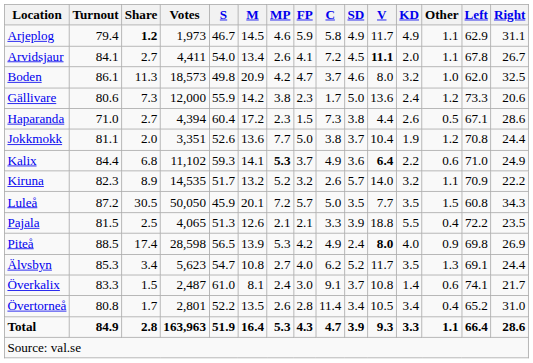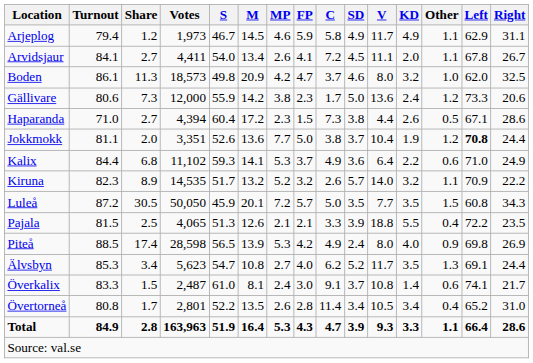 <table class="wikitable sortable" style=text-align:right>
 <tr>
 <th>Location</th>
 <th>Turnout</th>
 <th>Share</th>
 <th>Votes</th>
 <th><a href='#'>S</a></th>
 <th><a href='#'>M</a></th>
 <th><a href='#'>MP</a></th>
 <th><a href='#'>FP</a></th>
 <th><a href='#'>C</a></th>
 <th><a href='#'>SD</a></th>
 <th><a href='#'>V</a></th>
 <th><a href='#'>KD</a></th>
 <th>Other</th>
 <th><a href='#'>Left</a></th>
 <th><a href='#'>Right</a></th>
 </tr>
 <tr>
 <td align=left><a href='#'>Arjeplog</a></td>
 <td>79.4</td>
-<td><strong>1.2</strong></td>
+<td>1.2</td>
 <td>1,973</td>
 <td>46.7</td>
 <td>14.5</td>
 <td>4.6</td>
 <td>5.9</td>
 <td>5.8</td>
 <td>4.9</td>
 <td>11.7</td>
 <td>4.9</td>
 <td>1.1</td>
 <td>62.9</td>
 <td>31.1</td>
 </tr>
 <tr>
 <td align=left><a href='#'>Arvidsjaur</a></td>
 <td>84.1</td>
 <td>2.7</td>
 <td>4,411</td>
 <td>54.0</td>
 <td>13.4</td>
 <td>2.6</td>
 <td>4.1</td>
 <td>7.2</td>
 <td>4.5</td>
-<td><strong>11.1</strong></td>
+<td>11.1</td>
 <td>2.0</td>
 <td>1.1</td>
 <td>67.8</td>
 <td>26.7</td>
 </tr>
 <tr>
 <td align=left><a href='#'>Boden</a></td>
 <td>86.1</td>
 <td>11.3</td>
 <td>18,573</td>
 <td>49.8</td>
 <td>20.9</td>
 <td>4.2</td>
 <td>4.7</td>
 <td>3.7</td>
 <td>4.6</td>
 <td>8.0</td>
 <td>3.2</td>
 <td>1.0</td>
 <td>62.0</td>
 <td>32.5</td>
 </tr>
 <tr>
 <td align=left><a href='#'>Gällivare</a></td>
 <td>80.6</td>
 <td>7.3</td>
 <td>12,000</td>
 <td>55.9</td>
 <td>14.2</td>
 <td>3.8</td>
 <td>2.3</td>
 <td>1.7</td>
 <td>5.0</td>
 <td>13.6</td>
 <td>2.4</td>
 <td>1.2</td>
 <td>73.3</td>
 <td>20.6</td>
 </tr>
 <tr>
 <td align=left><a href='#'>Haparanda</a></td>
 <td>71.0</td>
 <td>2.7</td>
 <td>4,394</td>
 <td>60.4</td>
 <td>17.2</td>
 <td>2.3</td>
 <td>1.5</td>
 <td>7.3</td>
 <td>3.8</td>
 <td>4.4</td>
 <td>2.6</td>
 <td>0.5</td>
 <td>67.1</td>
 <td>28.6</td>
 </tr>
 <tr>
 <td align=left><a href='#'>Jokkmokk</a></td>
 <td>81.1</td>
 <td>2.0</td>
 <td>3,351</td>
 <td>52.6</td>
 <td>13.6</td>
 <td>7.7</td>
 <td>5.0</td>
 <td>3.8</td>
 <td>3.7</td>
 <td>10.4</td>
 <td>1.9</td>
 <td>1.2</td>
-<td>70.8</td>
+<td><strong>70.8</strong></td>
 <td>24.4</td>
 </tr>
 <tr>
 <td align=left><a href='#'>Kalix</a></td>
 <td>84.4</td>
 <td>6.8</td>
 <td>11,102</td>
 <td>59.3</td>
 <td>14.1</td>
-<td><strong>5.3</strong></td>
+<td>5.3</td>
 <td>3.7</td>
 <td>4.9</td>
 <td>3.6</td>
-<td><strong>6.4</strong></td>
+<td>6.4</td>
 <td>2.2</td>
 <td>0.6</td>
 <td>71.0</td>
 <td>24.9</td>
 </tr>
 <tr>
 <td align=left><a href='#'>Kiruna</a></td>
 <td>82.3</td>
 <td>8.9</td>
 <td>14,535</td>
 <td>51.7</td>
 <td>13.2</td>
 <td>5.2</td>
 <td>3.2</td>
 <td>2.6</td>
 <td>5.7</td>
 <td>14.0</td>
 <td>3.2</td>
 <td>1.1</td>
 <td>70.9</td>
 <td>22.2</td>
 </tr>
 <tr>
 <td align=left><a href='#'>Luleå</a></td>
 <td>87.2</td>
 <td>30.5</td>
 <td>50,050</td>
 <td>45.9</td>
 <td>20.1</td>
 <td>7.2</td>
 <td>5.7</td>
 <td>5.0</td>
 <td>3.5</td>
 <td>7.7</td>
 <td>3.5</td>
 <td>1.5</td>
 <td>60.8</td>
 <td>34.3</td>
 </tr>
 <tr>
 <td align=left><a href='#'>Pajala</a></td>
 <td>81.5</td>
 <td>2.5</td>
 <td>4,065</td>
 <td>51.3</td>
 <td>12.6</td>
 <td>2.1</td>
 <td>2.1</td>
 <td>3.3</td>
 <td>3.9</td>
 <td>18.8</td>
 <td>5.5</td>
 <td>0.4</td>
 <td>72.2</td>
 <td>23.5</td>
 </tr>
 <tr>
 <td align=left><a href='#'>Piteå</a></td>
 <td>88.5</td>
 <td>17.4</td>
 <td>28,598</td>
 <td>56.5</td>
 <td>13.9</td>
 <td>5.3</td>
 <td>4.2</td>
 <td>4.9</td>
 <td>2.4</td>
-<td><strong>8.0</strong></td>
+<td>8.0</td>
 <td>4.0</td>
 <td>0.9</td>
 <td>69.8</td>
 <td>26.9</td>
 </tr>
 <tr>
 <td align=left><a href='#'>Älvsbyn</a></td>
 <td>85.3</td>
 <td>3.4</td>
 <td>5,623</td>
 <td>54.7</td>
 <td>10.8</td>
 <td>2.7</td>
 <td>4.0</td>
 <td>6.2</td>
 <td>5.2</td>
 <td>11.7</td>
 <td>3.5</td>
 <td>1.3</td>
 <td>69.1</td>
 <td>24.4</td>
 </tr>
 <tr>
 <td align=left><a href='#'>Överkalix</a></td>
 <td>83.3</td>
 <td>1.5</td>
 <td>2,487</td>
 <td>61.0</td>
 <td>8.1</td>
 <td>2.4</td>
 <td>3.0</td>
 <td>9.1</td>
 <td>3.7</td>
 <td>10.8</td>
 <td>1.4</td>
 <td>0.6</td>
 <td>74.1</td>
 <td>21.7</td>
 </tr>
 <tr>
 <td align=left><a href='#'>Övertorneå</a></td>
 <td>80.8</td>
 <td>1.7</td>
 <td>2,801</td>
 <td>52.2</td>
 <td>13.5</td>
 <td>2.6</td>
 <td>2.8</td>
 <td>11.4</td>
 <td>3.4</td>
 <td>10.5</td>
 <td>3.4</td>
 <td>0.4</td>
 <td>65.2</td>
 <td>31.0</td>
 </tr>
 <tr>
 <td align=left><strong>Total</strong></td>
 <td><strong>84.9</strong></td>
 <td><strong>2.8</strong></td>
 <td><strong>163,963</strong></td>
 <td><strong>51.9</strong></td>
 <td><strong>16.4</strong></td>
 <td><strong>5.3</strong></td>
 <td><strong>4.3</strong></td>
 <td><strong>4.7</strong></td>
 <td><strong>3.9</strong></td>
 <td><strong>9.3</strong></td>
 <td><strong>3.3</strong></td>
 <td><strong>1.1</strong></td>
 <td><strong>66.4</strong></td>
 <td><strong>28.6</strong></td>
 </tr>
 <tr>
 <td align=left colspan=15>Source: val.se </td>
 </tr>
 </table>
